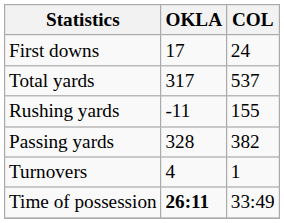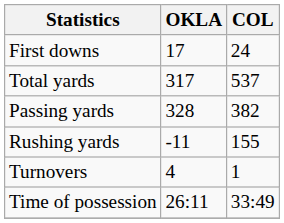 <table class="wikitable">
 <tr>
 <th>Statistics</th>
 <th>OKLA</th>
 <th>COL</th>
 </tr>
 <tr>
 <td>First downs</td>
 <td>17</td>
 <td>24</td>
 </tr>
 <tr>
 <td>Total yards</td>
 <td>317</td>
 <td>537</td>
 </tr>
 <tr>
+<td>Passing yards</td>
+<td>328</td>
+<td>382</td>
+</tr>
+<tr>
 <td>Rushing yards</td>
 <td>-11</td>
 <td>155</td>
-</tr>
-<tr>
-<td>Passing yards</td>
-<td>328</td>
-<td>382</td>
 </tr>
 <tr>
 <td>Turnovers</td>
 <td>4</td>
 <td>1</td>
 </tr>
 <tr>
 <td>Time of possession</td>
-<td><strong>26:11</strong></td>
+<td>26:11</td>
 <td>33:49</td>
 </tr>
 <tr>
 </tr>
 </table>
